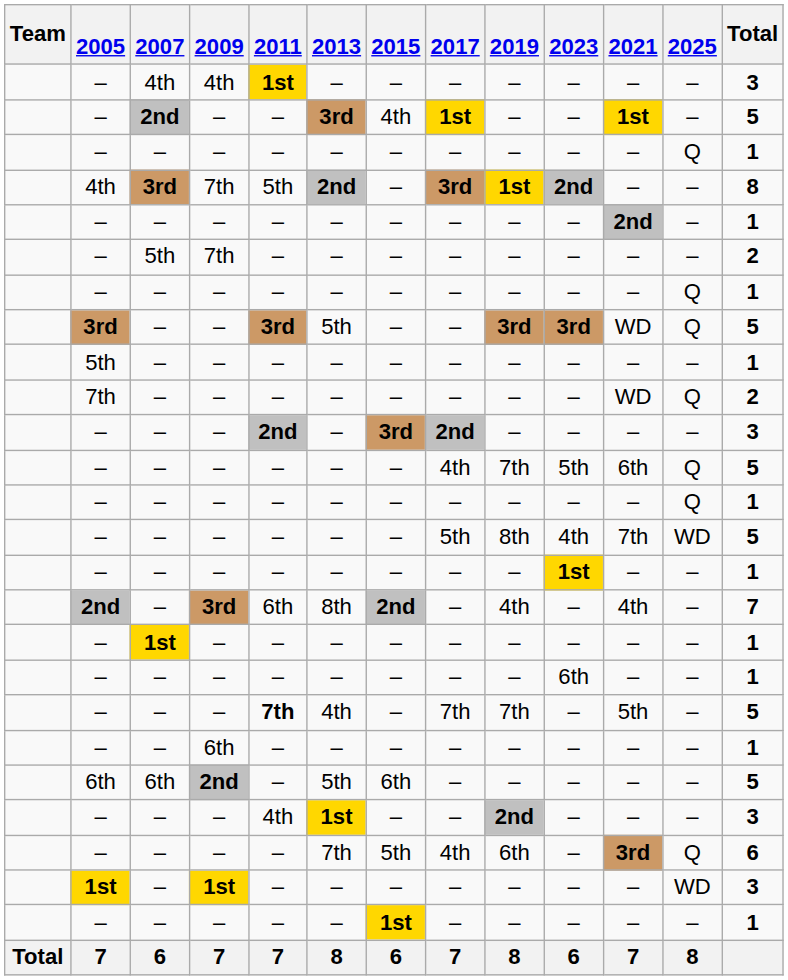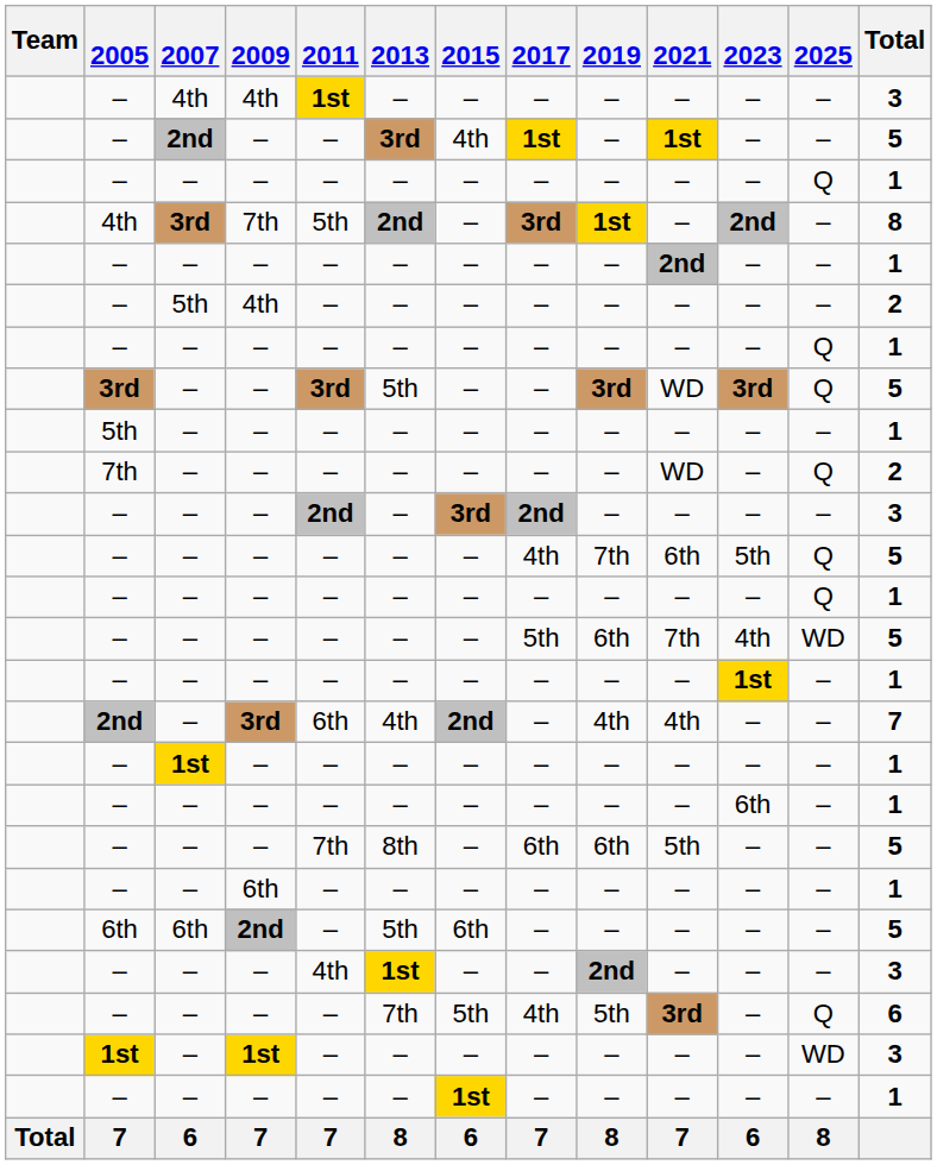 <table class="wikitable" style="text-align:center">
 <tr>
 <th>Team</th>
 <th><br><a href='#'>2005</a></th>
 <th><br><a href='#'>2007</a></th>
 <th><br><a href='#'>2009</a></th>
 <th><br><a href='#'>2011</a></th>
 <th><br><a href='#'>2013</a></th>
 <th><br><a href='#'>2015</a></th>
 <th><br><a href='#'>2017</a></th>
 <th><br><a href='#'>2019</a></th>
+<th><br><a href='#'>2021</a></th>
 <th><br><a href='#'>2023</a></th>
-<th><br><a href='#'>2021</a></th>
 <th><br><a href='#'>2025</a></th>
 <th>Total</th>
 </tr>
 <tr>
 <td align=left></td>
 <td>–</td>
 <td>4th</td>
 <td>4th</td>
 <td bgcolor=gold><strong>1st</strong></td>
 <td>–</td>
 <td>–</td>
 <td>–</td>
 <td>–</td>
 <td>–</td>
 <td>–</td>
 <td>–</td>
 <td><strong>3</strong></td>
 </tr>
 <tr>
 <td align=left></td>
 <td>–</td>
 <td bgcolor=silver><strong>2nd</strong></td>
 <td>–</td>
 <td>–</td>
 <td bgcolor=cc9966><strong>3rd</strong></td>
 <td>4th</td>
 <td bgcolor=gold><strong>1st</strong></td>
 <td>–</td>
+<td bgcolor=gold><strong>1st</strong></td>
 <td>–</td>
-<td bgcolor=gold><strong>1st</strong></td>
 <td>–</td>
 <td><strong>5</strong></td>
 </tr>
 <tr>
 <td align=left></td>
 <td>–</td>
 <td>–</td>
 <td>–</td>
 <td>–</td>
 <td>–</td>
 <td>–</td>
 <td>–</td>
 <td>–</td>
 <td>–</td>
 <td>–</td>
 <td>Q</td>
 <td><strong>1</strong></td>
 </tr>
 <tr>
 <td align=left></td>
 <td>4th</td>
 <td bgcolor=cc9966><strong>3rd</strong></td>
 <td>7th</td>
 <td>5th</td>
 <td bgcolor=silver><strong>2nd</strong></td>
 <td>–</td>
 <td bgcolor=cc9966><strong>3rd</strong></td>
 <td bgcolor=gold><strong>1st</strong></td>
+<td>–</td>
 <td bgcolor=silver><strong>2nd</strong></td>
-<td>–</td>
 <td>–</td>
 <td><strong>8</strong></td>
 </tr>
 <tr>
 <td align=left></td>
 <td>–</td>
 <td>–</td>
 <td>–</td>
 <td>–</td>
 <td>–</td>
 <td>–</td>
 <td>–</td>
 <td>–</td>
+<td bgcolor=silver><strong>2nd</strong></td>
 <td>–</td>
-<td bgcolor=silver><strong>2nd</strong></td>
 <td>–</td>
 <td><strong>1</strong></td>
 </tr>
 <tr>
 <td align=left></td>
 <td>–</td>
 <td>5th</td>
-<td>7th</td>
+<td>4th</td>
 <td>–</td>
 <td>–</td>
 <td>–</td>
 <td>–</td>
 <td>–</td>
 <td>–</td>
 <td>–</td>
 <td>–</td>
 <td><strong>2</strong></td>
 </tr>
 <tr>
 <td align=left></td>
 <td>–</td>
 <td>–</td>
 <td>–</td>
 <td>–</td>
 <td>–</td>
 <td>–</td>
 <td>–</td>
 <td>–</td>
 <td>–</td>
 <td>–</td>
 <td>Q</td>
 <td><strong>1</strong></td>
 </tr>
 <tr>
 <td align=left></td>
 <td bgcolor=cc9966><strong>3rd</strong></td>
 <td>–</td>
 <td>–</td>
 <td bgcolor=cc9966><strong>3rd</strong></td>
 <td>5th</td>
 <td>–</td>
 <td>–</td>
 <td bgcolor=cc9966><strong>3rd</strong></td>
+<td>WD</td>
 <td bgcolor=cc9966><strong>3rd</strong></td>
-<td>WD</td>
 <td>Q</td>
 <td><strong>5</strong></td>
 </tr>
 <tr>
 <td align=left></td>
 <td>5th</td>
 <td>–</td>
 <td>–</td>
 <td>–</td>
 <td>–</td>
 <td>–</td>
 <td>–</td>
 <td>–</td>
 <td>–</td>
 <td>–</td>
 <td>–</td>
 <td><strong>1</strong></td>
 </tr>
 <tr>
 <td align=left></td>
 <td>7th</td>
 <td>–</td>
 <td>–</td>
 <td>–</td>
 <td>–</td>
 <td>–</td>
 <td>–</td>
 <td>–</td>
+<td>WD</td>
 <td>–</td>
-<td>WD</td>
 <td>Q</td>
 <td><strong>2</strong></td>
 </tr>
 <tr>
 <td align=left></td>
 <td>–</td>
 <td>–</td>
 <td>–</td>
 <td bgcolor=silver><strong>2nd</strong></td>
 <td>–</td>
 <td bgcolor=cc9966><strong>3rd</strong></td>
 <td bgcolor=silver><strong>2nd</strong></td>
 <td>–</td>
 <td>–</td>
 <td>–</td>
 <td>–</td>
 <td><strong>3</strong></td>
 </tr>
 <tr>
 <td align=left></td>
 <td>–</td>
 <td>–</td>
 <td>–</td>
 <td>–</td>
 <td>–</td>
 <td>–</td>
 <td>4th</td>
 <td>7th</td>
+<td>6th</td>
 <td>5th</td>
-<td>6th</td>
 <td>Q</td>
 <td><strong>5</strong></td>
 </tr>
 <tr>
 <td align=left></td>
 <td>–</td>
 <td>–</td>
 <td>–</td>
 <td>–</td>
 <td>–</td>
 <td>–</td>
 <td>–</td>
 <td>–</td>
 <td>–</td>
 <td>–</td>
 <td>Q</td>
 <td><strong>1</strong></td>
 </tr>
 <tr>
 <td align=left></td>
 <td>–</td>
 <td>–</td>
 <td>–</td>
 <td>–</td>
 <td>–</td>
 <td>–</td>
 <td>5th</td>
-<td>8th</td>
+<td>6th</td>
+<td>7th</td>
 <td>4th</td>
-<td>7th</td>
 <td>WD</td>
 <td><strong>5</strong></td>
 </tr>
 <tr>
 <td align=left></td>
 <td>–</td>
 <td>–</td>
 <td>–</td>
 <td>–</td>
 <td>–</td>
 <td>–</td>
 <td>–</td>
 <td>–</td>
+<td>–</td>
 <td bgcolor=gold><strong>1st</strong></td>
-<td>–</td>
 <td>–</td>
 <td><strong>1</strong></td>
 </tr>
 <tr>
 <td align=left></td>
 <td bgcolor=silver><strong>2nd</strong></td>
 <td>–</td>
 <td bgcolor=cc9966><strong>3rd</strong></td>
 <td>6th</td>
-<td>8th</td>
+<td>4th</td>
 <td bgcolor=silver><strong>2nd</strong></td>
 <td>–</td>
 <td>4th</td>
+<td>4th</td>
 <td>–</td>
-<td>4th</td>
 <td>–</td>
 <td><strong>7</strong></td>
 </tr>
 <tr>
 <td align=left></td>
 <td>–</td>
 <td bgcolor=gold><strong>1st</strong></td>
 <td>–</td>
 <td>–</td>
 <td>–</td>
 <td>–</td>
 <td>–</td>
 <td>–</td>
 <td>–</td>
 <td>–</td>
 <td>–</td>
 <td><strong>1</strong></td>
 </tr>
 <tr>
 <td align=left></td>
 <td>–</td>
 <td>–</td>
 <td>–</td>
 <td>–</td>
 <td>–</td>
 <td>–</td>
 <td>–</td>
 <td>–</td>
+<td>–</td>
 <td>6th</td>
-<td>–</td>
 <td>–</td>
 <td><strong>1</strong></td>
 </tr>
 <tr>
 <td align=left></td>
 <td>–</td>
 <td>–</td>
 <td>–</td>
-<td><strong>7th</strong></td>
-<td>4th</td>
+<td>7th</td>
+<td>8th</td>
 <td>–</td>
-<td>7th</td>
-<td>7th</td>
+<td>6th</td>
+<td>6th</td>
+<td>5th</td>
 <td>–</td>
-<td>5th</td>
 <td>–</td>
 <td><strong>5</strong></td>
 </tr>
 <tr>
 <td align=left></td>
 <td>–</td>
 <td>–</td>
 <td>6th</td>
 <td>–</td>
 <td>–</td>
 <td>–</td>
 <td>–</td>
 <td>–</td>
 <td>–</td>
 <td>–</td>
 <td>–</td>
 <td><strong>1</strong></td>
 </tr>
 <tr>
 <td align=left></td>
 <td>6th</td>
 <td>6th</td>
 <td bgcolor=silver><strong>2nd</strong></td>
 <td>–</td>
 <td>5th</td>
 <td>6th</td>
 <td>–</td>
 <td>–</td>
 <td>–</td>
 <td>–</td>
 <td>–</td>
 <td><strong>5</strong></td>
 </tr>
 <tr>
 <td align=left></td>
 <td>–</td>
 <td>–</td>
 <td>–</td>
 <td>4th</td>
 <td bgcolor=gold><strong>1st</strong></td>
 <td>–</td>
 <td>–</td>
 <td bgcolor=silver><strong>2nd</strong></td>
 <td>–</td>
 <td>–</td>
 <td>–</td>
 <td><strong>3</strong></td>
 </tr>
 <tr>
 <td align=left></td>
 <td>–</td>
 <td>–</td>
 <td>–</td>
 <td>–</td>
 <td>7th</td>
 <td>5th</td>
 <td>4th</td>
-<td>6th</td>
+<td>5th</td>
+<td bgcolor=cc9966><strong>3rd</strong></td>
 <td>–</td>
-<td bgcolor=cc9966><strong>3rd</strong></td>
 <td>Q</td>
 <td><strong>6</strong></td>
 </tr>
 <tr>
 <td align=left></td>
 <td bgcolor=gold><strong>1st</strong></td>
 <td>–</td>
 <td bgcolor=gold><strong>1st</strong></td>
 <td>–</td>
 <td>–</td>
 <td>–</td>
 <td>–</td>
 <td>–</td>
 <td>–</td>
 <td>–</td>
 <td>WD</td>
 <td><strong>3</strong></td>
 </tr>
 <tr>
 <td align=left></td>
 <td>–</td>
 <td>–</td>
 <td>–</td>
 <td>–</td>
 <td>–</td>
 <td bgcolor=gold><strong>1st</strong></td>
 <td>–</td>
 <td>–</td>
 <td>–</td>
 <td>–</td>
 <td>–</td>
 <td><strong>1</strong></td>
 </tr>
 <tr>
 <th>Total</th>
 <th>7</th>
 <th>6</th>
 <th>7</th>
 <th>7</th>
 <th>8</th>
 <th>6</th>
 <th>7</th>
 <th>8</th>
+<th>7</th>
 <th>6</th>
-<th>7</th>
 <th>8</th>
 <th></th>
 </tr>
 </table>
